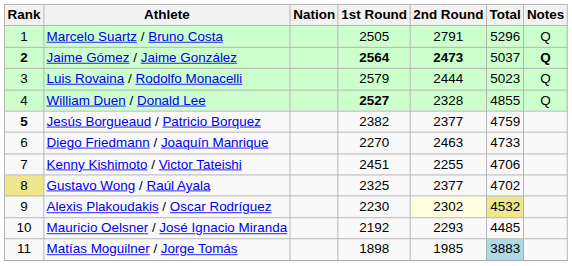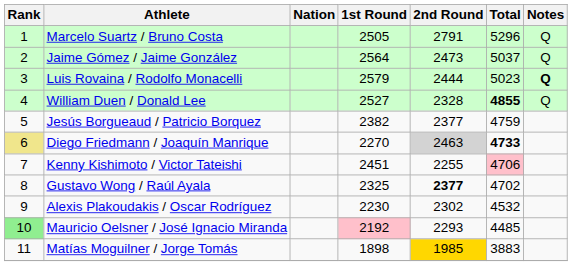 <table class="wikitable sortable" style="text-align:center">
 <tr>
 <th>Rank</th>
 <th>Athlete</th>
 <th>Nation</th>
 <th>1st Round</th>
 <th>2nd Round</th>
 <th>Total</th>
 <th>Notes</th>
 </tr>
 <tr bgcolor=ccffcc>
 <td>1</td>
 <td align=left><a href='#'>Marcelo Suartz</a> / <a href='#'>Bruno Costa</a></td>
 <td align=left></td>
 <td>2505</td>
 <td>2791</td>
 <td>5296</td>
 <td>Q</td>
 </tr>
 <tr bgcolor=ccffcc>
-<td><strong>2</strong></td>
+<td>2</td>
 <td align=left><a href='#'>Jaime Gómez</a> / <a href='#'>Jaime González</a></td>
 <td align=left></td>
-<td><strong>2564</strong></td>
-<td><strong>2473</strong></td>
+<td>2564</td>
+<td>2473</td>
 <td>5037</td>
-<td><strong>Q</strong></td>
+<td>Q</td>
 </tr>
 <tr bgcolor=ccffcc>
 <td>3</td>
 <td align=left><a href='#'>Luis Rovaina</a> / <a href='#'>Rodolfo Monacelli</a></td>
 <td align=left></td>
 <td>2579</td>
 <td>2444</td>
 <td>5023</td>
-<td>Q</td>
+<td><strong>Q</strong></td>
 </tr>
 <tr bgcolor=ccffcc>
 <td>4</td>
 <td align=left><a href='#'>William Duen</a> / <a href='#'>Donald Lee</a></td>
 <td align=left></td>
-<td><strong>2527</strong></td>
+<td>2527</td>
 <td>2328</td>
-<td>4855</td>
+<td><strong>4855</strong></td>
 <td>Q</td>
 </tr>
 <tr>
-<td><strong>5</strong></td>
+<td>5</td>
 <td align=left><a href='#'>Jesús Borgueaud</a> / <a href='#'>Patricio Borquez</a></td>
 <td align=left></td>
 <td>2382</td>
 <td>2377</td>
 <td>4759</td>
 <td></td>
 </tr>
 <tr>
-<td>6</td>
+<td style="background: khaki;">6</td>
 <td align=left><a href='#'>Diego Friedmann</a> / <a href='#'>Joaquín Manrique</a></td>
 <td align=left></td>
 <td>2270</td>
-<td>2463</td>
-<td>4733</td>
+<td style="background: lightgrey;">2463</td>
+<td><strong>4733</strong></td>
 <td></td>
 </tr>
 <tr>
 <td>7</td>
 <td align=left><a href='#'>Kenny Kishimoto</a> / <a href='#'>Victor Tateishi</a></td>
 <td align=left></td>
 <td>2451</td>
 <td>2255</td>
-<td>4706</td>
+<td style="background: pink;">4706</td>
 <td></td>
 </tr>
 <tr>
-<td style="background: khaki;">8</td>
+<td>8</td>
 <td align=left><a href='#'>Gustavo Wong</a> / <a href='#'>Raúl Ayala</a></td>
 <td align=left></td>
 <td>2325</td>
-<td>2377</td>
+<td><strong>2377</strong></td>
 <td>4702</td>
 <td></td>
 </tr>
 <tr>
 <td>9</td>
 <td align=left><a href='#'>Alexis Plakoudakis</a> / <a href='#'>Oscar Rodríguez</a></td>
 <td align=left></td>
 <td>2230</td>
-<td style="background: lightyellow;">2302</td>
-<td style="background: khaki;">4532</td>
+<td>2302</td>
+<td>4532</td>
 <td></td>
 </tr>
 <tr>
-<td>10</td>
+<td style="background: lightgreen;">10</td>
 <td align=left><a href='#'>Mauricio Oelsner</a> / <a href='#'>José Ignacio Miranda</a></td>
 <td align=left></td>
-<td>2192</td>
+<td style="background: pink;">2192</td>
 <td>2293</td>
 <td>4485</td>
 <td></td>
 </tr>
 <tr>
 <td>11</td>
 <td align=left><a href='#'>Matías Moguilner</a> / <a href='#'>Jorge Tomás</a></td>
 <td align=left></td>
 <td>1898</td>
-<td>1985</td>
-<td style="background: lightblue;">3883</td>
+<td style="background: gold;">1985</td>
+<td>3883</td>
 <td></td>
 </tr>
 <tr>
 </tr>
 </table>
